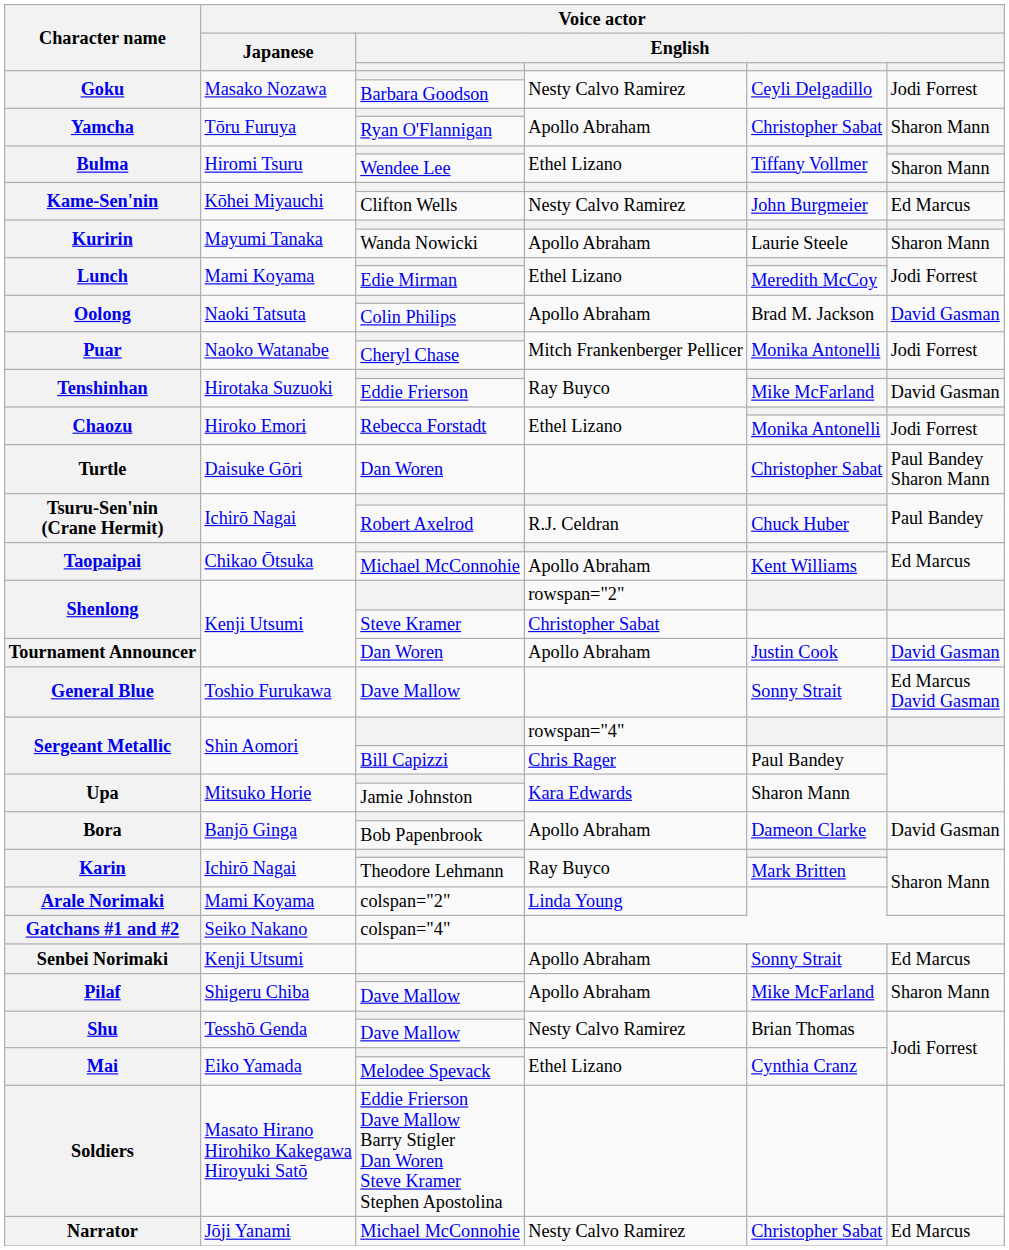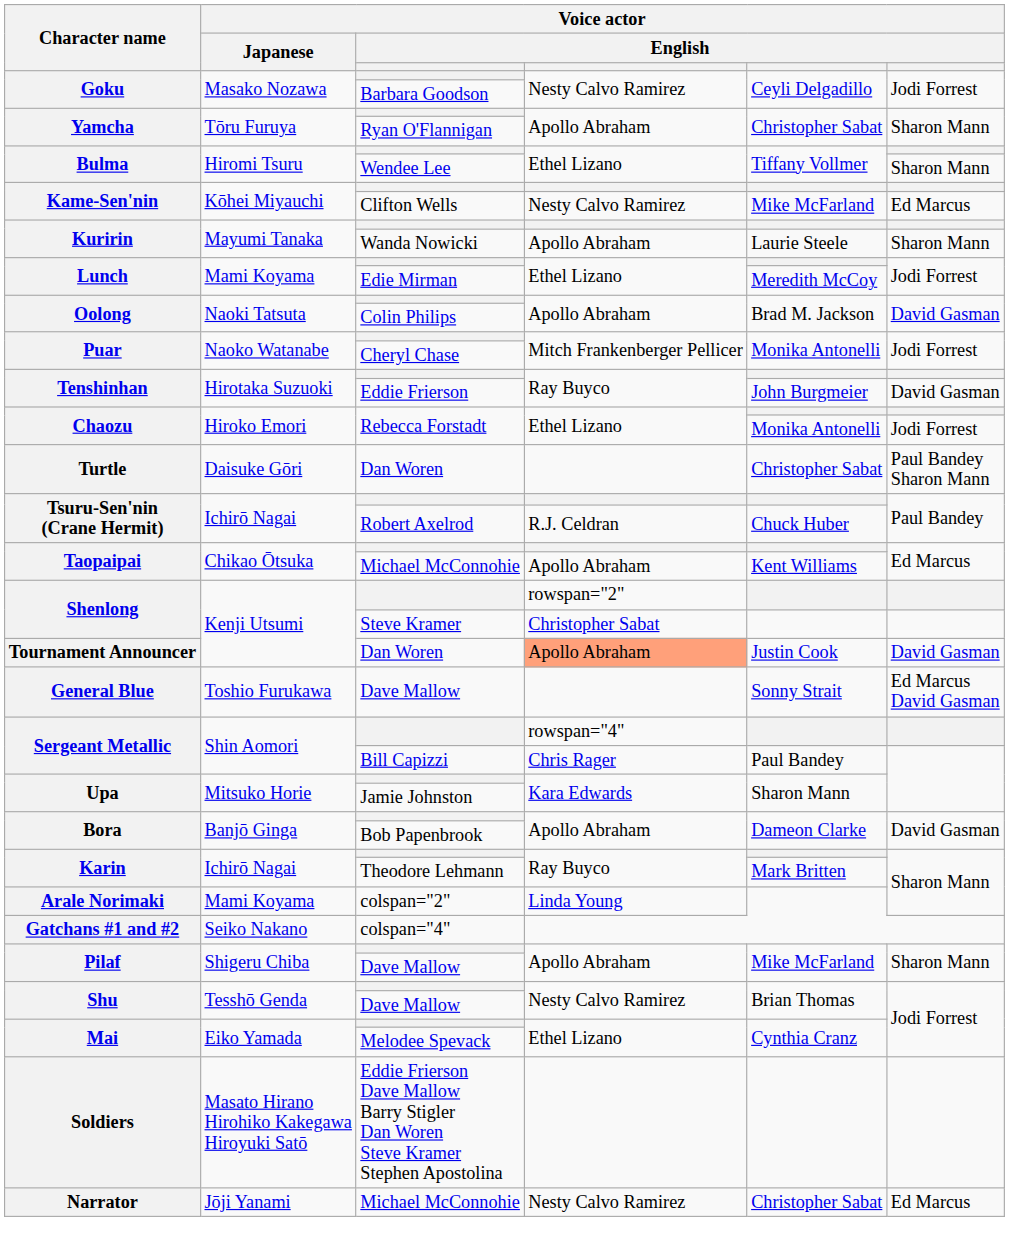 <table class="wikitable plainrowheaders">
 <tr>
 <th rowspan="3">Character name</th>
 <th colspan="5">Voice actor</th>
 </tr>
 <tr>
 <th rowspan="2">Japanese</th>
 <th colspan="4">English</th>
 </tr>
 <tr>
 <th></th>
 <th></th>
 <th></th>
 <th></th>
 </tr>
 <tr>
 <th scope="row" rowspan="2"><a href='#'>Goku</a></th>
 <td rowspan="2"><a href='#'>Masako Nozawa</a></td>
 <th></th>
 <td rowspan="2">Nesty Calvo Ramirez</td>
 <td rowspan="2"><a href='#'>Ceyli Delgadillo</a></td>
 <td rowspan="2">Jodi Forrest</td>
 </tr>
 <tr>
 <td><a href='#'>Barbara Goodson</a></td>
 </tr>
 <tr>
 <th scope="row" rowspan="2"><a href='#'>Yamcha</a></th>
 <td rowspan="2"><a href='#'>Tōru Furuya</a></td>
 <th></th>
 <td rowspan="2">Apollo Abraham</td>
 <td rowspan="2"><a href='#'>Christopher Sabat</a></td>
 <td rowspan="2">Sharon Mann</td>
 </tr>
 <tr>
 <td><a href='#'>Ryan O'Flannigan</a></td>
 </tr>
 <tr>
 <th scope="row" rowspan="2"><a href='#'>Bulma</a></th>
 <td rowspan="2"><a href='#'>Hiromi Tsuru</a></td>
 <th></th>
 <td rowspan="2">Ethel Lizano</td>
 <td rowspan="2"><a href='#'>Tiffany Vollmer</a></td>
 <th></th>
 </tr>
 <tr>
 <td><a href='#'>Wendee Lee</a></td>
 <td>Sharon Mann</td>
 </tr>
 <tr>
 <th scope="row" rowspan="2"><a href='#'>Kame-Sen'nin</a></th>
 <td rowspan="2"><a href='#'>Kōhei Miyauchi</a></td>
 <th></th>
 <th></th>
 <th></th>
 <th></th>
 </tr>
 <tr>
 <td>Clifton Wells</td>
 <td>Nesty Calvo Ramirez</td>
-<td><a href='#'>John Burgmeier</a></td>
+<td><a href='#'>Mike McFarland</a></td>
 <td>Ed Marcus</td>
 </tr>
 <tr>
 <th scope="row" rowspan="2"><a href='#'>Kuririn</a></th>
 <td rowspan="2"><a href='#'>Mayumi Tanaka</a></td>
 <th></th>
 <th></th>
 <th></th>
 <th></th>
 </tr>
 <tr>
 <td>Wanda Nowicki</td>
 <td>Apollo Abraham</td>
 <td>Laurie Steele</td>
 <td>Sharon Mann</td>
 </tr>
 <tr>
 <th scope="row" rowspan="2"><a href='#'>Lunch</a></th>
 <td rowspan="2"><a href='#'>Mami Koyama</a></td>
 <th></th>
 <td rowspan="2">Ethel Lizano</td>
 <th></th>
 <td rowspan="2">Jodi Forrest</td>
 </tr>
 <tr>
 <td><a href='#'>Edie Mirman</a></td>
 <td><a href='#'>Meredith McCoy</a></td>
 </tr>
 <tr>
 <th scope="row" rowspan="2"><a href='#'>Oolong</a></th>
 <td rowspan="2"><a href='#'>Naoki Tatsuta</a></td>
 <th></th>
 <td rowspan="2">Apollo Abraham</td>
 <td rowspan="2">Brad M. Jackson</td>
 <td rowspan="2"><a href='#'>David Gasman</a></td>
 </tr>
 <tr>
 <td><a href='#'>Colin Philips</a></td>
 </tr>
 <tr>
 <th scope="row" rowspan="2"><a href='#'>Puar</a></th>
 <td rowspan="2"><a href='#'>Naoko Watanabe</a></td>
 <th></th>
 <td rowspan="2">Mitch Frankenberger Pellicer</td>
 <td rowspan="2"><a href='#'>Monika Antonelli</a></td>
 <td rowspan="2">Jodi Forrest</td>
 </tr>
 <tr>
 <td><a href='#'>Cheryl Chase</a></td>
 </tr>
 <tr>
 <th scope="row" rowspan="2"><a href='#'>Tenshinhan</a></th>
 <td rowspan="2"><a href='#'>Hirotaka Suzuoki</a></td>
 <th></th>
 <td rowspan="2">Ray Buyco</td>
 <th></th>
 <th></th>
 </tr>
 <tr>
 <td><a href='#'>Eddie Frierson</a></td>
-<td><a href='#'>Mike McFarland</a></td>
+<td><a href='#'>John Burgmeier</a></td>
 <td>David Gasman</td>
 </tr>
 <tr>
 <th scope="row" rowspan="2"><a href='#'>Chaozu</a></th>
 <td rowspan="2"><a href='#'>Hiroko Emori</a></td>
 <td rowspan="2"><a href='#'>Rebecca Forstadt</a></td>
 <td rowspan="2">Ethel Lizano</td>
 <th></th>
 <th></th>
 </tr>
 <tr>
 <td><a href='#'>Monika Antonelli</a></td>
 <td>Jodi Forrest</td>
 </tr>
 <tr>
 <th scope="row">Turtle</th>
 <td><a href='#'>Daisuke Gōri</a></td>
 <td><a href='#'>Dan Woren</a></td>
 <td></td>
 <td><a href='#'>Christopher Sabat</a></td>
 <td>Paul Bandey<br>Sharon Mann </td>
 </tr>
 <tr>
 <th scope="row" rowspan="2">Tsuru-Sen'nin<br>(Crane Hermit)</th>
 <td rowspan="2"><a href='#'>Ichirō Nagai</a></td>
 <th></th>
 <th></th>
 <th></th>
 <td rowspan="2">Paul Bandey</td>
 </tr>
 <tr>
 <td><a href='#'>Robert Axelrod</a></td>
 <td>R.J. Celdran</td>
 <td><a href='#'>Chuck Huber</a></td>
 </tr>
 <tr>
 <th scope="row" rowspan="2"><a href='#'>Taopaipai</a></th>
 <td rowspan="2"><a href='#'>Chikao Ōtsuka</a></td>
 <th></th>
 <th></th>
 <th></th>
 <td rowspan="2">Ed Marcus</td>
 </tr>
 <tr>
 <td><a href='#'>Michael McConnohie</a></td>
 <td>Apollo Abraham</td>
 <td><a href='#'>Kent Williams</a></td>
 </tr>
 <tr>
 <th scope="row" rowspan="2"><a href='#'>Shenlong</a></th>
 <td rowspan="3"><a href='#'>Kenji Utsumi</a></td>
 <th></th>
 <td>rowspan="2" </td>
 <th></th>
 <th></th>
 </tr>
 <tr>
 <td><a href='#'>Steve Kramer</a></td>
 <td><a href='#'>Christopher Sabat</a></td>
 <td></td>
 </tr>
 <tr>
 <th scope="row">Tournament Announcer</th>
 <td><a href='#'>Dan Woren</a></td>
-<td>Apollo Abraham</td>
+<td style="background: lightsalmon;">Apollo Abraham</td>
 <td><a href='#'>Justin Cook</a></td>
 <td><a href='#'>David Gasman</a></td>
 </tr>
 <tr>
 <th scope="row"><a href='#'>General Blue</a></th>
 <td><a href='#'>Toshio Furukawa</a></td>
 <td><a href='#'>Dave Mallow</a></td>
 <td></td>
 <td><a href='#'>Sonny Strait</a></td>
 <td>Ed Marcus <br><a href='#'>David Gasman</a></td>
 </tr>
 <tr>
 <th scope="row" rowspan="2"><a href='#'>Sergeant Metallic</a></th>
 <td rowspan="2"><a href='#'>Shin Aomori</a></td>
 <th></th>
 <td>rowspan="4" </td>
 <th></th>
 <th></th>
 </tr>
 <tr>
 <td><a href='#'>Bill Capizzi</a></td>
 <td><a href='#'>Chris Rager</a></td>
 <td>Paul Bandey</td>
 </tr>
 <tr>
 <th scope="row" rowspan="2">Upa</th>
 <td rowspan="2"><a href='#'>Mitsuko Horie</a></td>
 <th></th>
 <td rowspan="2"><a href='#'>Kara Edwards</a></td>
 <td rowspan="2">Sharon Mann</td>
 </tr>
 <tr>
 <td>Jamie Johnston</td>
 </tr>
 <tr>
 <th scope="row" rowspan="2">Bora</th>
 <td rowspan="2"><a href='#'>Banjō Ginga</a></td>
 <th></th>
 <td rowspan="2">Apollo Abraham</td>
 <td rowspan="2"><a href='#'>Dameon Clarke</a></td>
 <td rowspan="2">David Gasman</td>
 </tr>
 <tr>
 <td>Bob Papenbrook</td>
 </tr>
 <tr>
 <th scope="row" rowspan="2"><a href='#'>Karin</a></th>
 <td rowspan="2"><a href='#'>Ichirō Nagai</a></td>
 <th></th>
 <td rowspan="2">Ray Buyco</td>
 <th></th>
 <td rowspan="3">Sharon Mann</td>
 </tr>
 <tr>
 <td>Theodore Lehmann</td>
 <td><a href='#'>Mark Britten</a></td>
 </tr>
 <tr>
 <th scope="row"><a href='#'>Arale Norimaki</a></th>
 <td><a href='#'>Mami Koyama</a></td>
 <td>colspan="2" </td>
 <td><a href='#'>Linda Young</a></td>
 </tr>
 <tr>
 <th scope="row"><a href='#'>Gatchans #1 and #2</a></th>
 <td><a href='#'>Seiko Nakano</a></td>
 <td>colspan="4" </td>
 </tr>
 <tr>
-<th scope="row">Senbei Norimaki</th>
-<td><a href='#'>Kenji Utsumi</a></td>
-<td></td>
-<td>Apollo Abraham</td>
-<td><a href='#'>Sonny Strait</a></td>
-<td>Ed Marcus</td>
-</tr>
-<tr>
 <th scope="row" rowspan="2"><a href='#'>Pilaf</a></th>
 <td rowspan="2"><a href='#'>Shigeru Chiba</a></td>
 <th></th>
 <td rowspan="2">Apollo Abraham</td>
 <td rowspan="2"><a href='#'>Mike McFarland</a></td>
 <td rowspan="2">Sharon Mann</td>
 </tr>
 <tr>
 <td><a href='#'>Dave Mallow</a></td>
 </tr>
 <tr>
 <th scope="row" rowspan="2"><a href='#'>Shu</a></th>
 <td rowspan="2"><a href='#'>Tesshō Genda</a></td>
 <th></th>
 <td rowspan="2">Nesty Calvo Ramirez</td>
 <td rowspan="2">Brian Thomas</td>
 <td rowspan="4">Jodi Forrest</td>
 </tr>
 <tr>
 <td><a href='#'>Dave Mallow</a></td>
 </tr>
 <tr>
 <th scope="row" rowspan="2"><a href='#'>Mai</a></th>
 <td rowspan="2"><a href='#'>Eiko Yamada</a></td>
 <th></th>
 <td rowspan="2">Ethel Lizano</td>
 <td rowspan="2"><a href='#'>Cynthia Cranz</a></td>
 </tr>
 <tr>
 <td><a href='#'>Melodee Spevack</a></td>
 </tr>
 <tr>
 <th scope="row">Soldiers</th>
 <td><a href='#'>Masato Hirano</a><br><a href='#'>Hirohiko Kakegawa</a><br><a href='#'>Hiroyuki Satō</a></td>
 <td><a href='#'>Eddie Frierson</a><br><a href='#'>Dave Mallow</a><br>Barry Stigler<br><a href='#'>Dan Woren</a><br><a href='#'>Steve Kramer</a><br>Stephen Apostolina</td>
 <td></td>
 <td></td>
 <td></td>
 </tr>
 <tr>
 <th scope="row">Narrator</th>
 <td><a href='#'>Jōji Yanami</a></td>
 <td><a href='#'>Michael McConnohie</a></td>
 <td>Nesty Calvo Ramirez</td>
 <td><a href='#'>Christopher Sabat</a></td>
 <td>Ed Marcus</td>
 </tr>
 </table>
